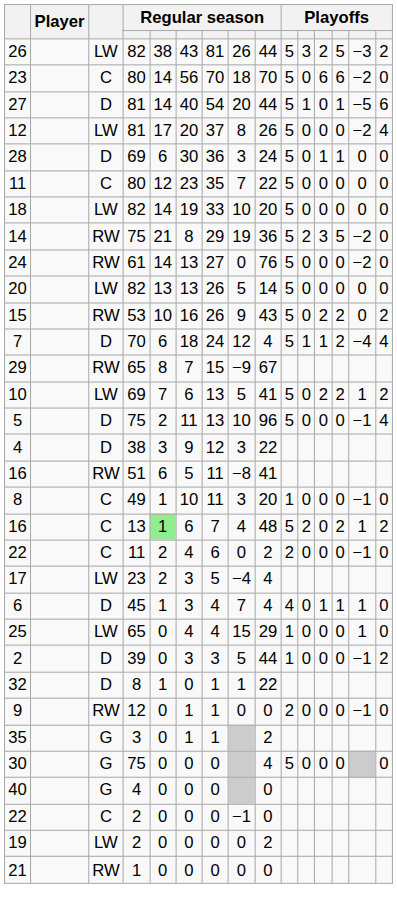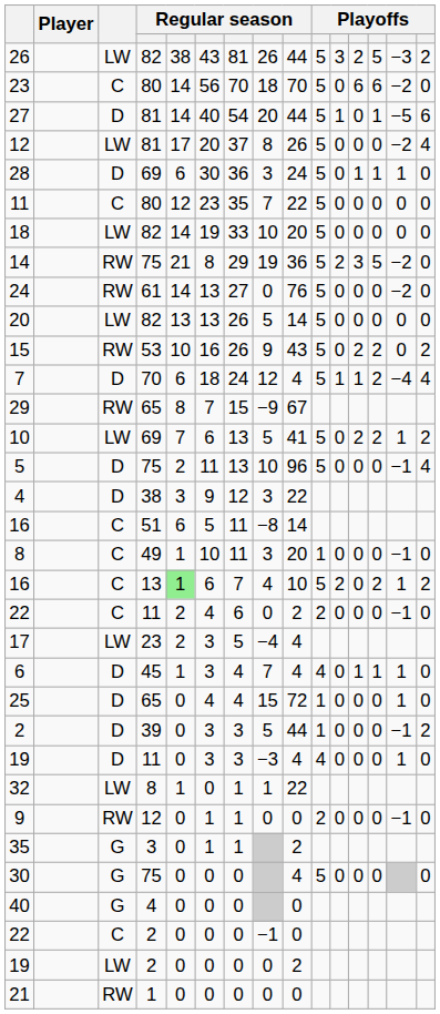 <table class="wikitable sortable plainrowheaders" style="text-align:center;">
 <tr>
 <th scope="col" data-sort-type="number" rowspan="2"></th>
 <th scope="col" rowspan="2">Player</th>
 <th scope="col" rowspan="2"></th>
 <th scope=colgroup colspan=6>Regular season</th>
 <th scope=colgroup colspan=6>Playoffs</th>
 </tr>
 <tr>
 <th scope="col" data-sort-type="number"></th>
 <th scope="col" data-sort-type="number"></th>
 <th scope="col" data-sort-type="number"></th>
 <th scope="col" data-sort-type="number"></th>
 <th scope="col" data-sort-type="number"></th>
 <th scope="col" data-sort-type="number"></th>
 <th scope="col" data-sort-type="number"></th>
 <th scope="col" data-sort-type="number"></th>
 <th scope="col" data-sort-type="number"></th>
 <th scope="col" data-sort-type="number"></th>
 <th scope="col" data-sort-type="number"></th>
 <th scope="col" data-sort-type="number"></th>
 </tr>
 <tr>
 <td scope="row">26</td>
 <td align="left"></td>
 <td>LW</td>
 <td>82</td>
 <td>38</td>
 <td>43</td>
 <td>81</td>
 <td>26</td>
 <td>44</td>
 <td>5</td>
 <td>3</td>
 <td>2</td>
 <td>5</td>
 <td>−3</td>
 <td>2</td>
 </tr>
 <tr>
 <td scope="row">23</td>
 <td align="left"></td>
 <td>C</td>
 <td>80</td>
 <td>14</td>
 <td>56</td>
 <td>70</td>
 <td>18</td>
 <td>70</td>
 <td>5</td>
 <td>0</td>
 <td>6</td>
 <td>6</td>
 <td>−2</td>
 <td>0</td>
 </tr>
 <tr>
 <td scope="row">27</td>
 <td align="left"></td>
 <td>D</td>
 <td>81</td>
 <td>14</td>
 <td>40</td>
 <td>54</td>
 <td>20</td>
 <td>44</td>
 <td>5</td>
 <td>1</td>
 <td>0</td>
 <td>1</td>
 <td>−5</td>
 <td>6</td>
 </tr>
 <tr>
 <td scope="row">12</td>
 <td align="left"></td>
 <td>LW</td>
 <td>81</td>
 <td>17</td>
 <td>20</td>
 <td>37</td>
 <td>8</td>
 <td>26</td>
 <td>5</td>
 <td>0</td>
 <td>0</td>
 <td>0</td>
 <td>−2</td>
 <td>4</td>
 </tr>
 <tr>
 <td scope="row">28</td>
 <td align="left"></td>
 <td>D</td>
 <td>69</td>
 <td>6</td>
 <td>30</td>
 <td>36</td>
 <td>3</td>
 <td>24</td>
 <td>5</td>
 <td>0</td>
 <td>1</td>
 <td>1</td>
-<td>0</td>
+<td>1</td>
 <td>0</td>
 </tr>
 <tr>
 <td scope="row">11</td>
 <td align="left"></td>
 <td>C</td>
 <td>80</td>
 <td>12</td>
 <td>23</td>
 <td>35</td>
 <td>7</td>
 <td>22</td>
 <td>5</td>
 <td>0</td>
 <td>0</td>
 <td>0</td>
 <td>0</td>
 <td>0</td>
 </tr>
 <tr>
 <td scope="row">18</td>
 <td align="left"></td>
 <td>LW</td>
 <td>82</td>
 <td>14</td>
 <td>19</td>
 <td>33</td>
 <td>10</td>
 <td>20</td>
 <td>5</td>
 <td>0</td>
 <td>0</td>
 <td>0</td>
 <td>0</td>
 <td>0</td>
 </tr>
 <tr>
 <td scope="row">14</td>
 <td align="left"></td>
 <td>RW</td>
 <td>75</td>
 <td>21</td>
 <td>8</td>
 <td>29</td>
 <td>19</td>
 <td>36</td>
 <td>5</td>
 <td>2</td>
 <td>3</td>
 <td>5</td>
 <td>−2</td>
 <td>0</td>
 </tr>
 <tr>
 <td scope="row">24</td>
 <td align="left"></td>
 <td>RW</td>
 <td>61</td>
 <td>14</td>
 <td>13</td>
 <td>27</td>
 <td>0</td>
 <td>76</td>
 <td>5</td>
 <td>0</td>
 <td>0</td>
 <td>0</td>
 <td>−2</td>
 <td>0</td>
 </tr>
 <tr>
 <td scope="row">20</td>
 <td align="left"></td>
 <td>LW</td>
 <td>82</td>
 <td>13</td>
 <td>13</td>
 <td>26</td>
 <td>5</td>
 <td>14</td>
 <td>5</td>
 <td>0</td>
 <td>0</td>
 <td>0</td>
 <td>0</td>
 <td>0</td>
 </tr>
 <tr>
 <td scope="row">15</td>
 <td align="left"></td>
 <td>RW</td>
 <td>53</td>
 <td>10</td>
 <td>16</td>
 <td>26</td>
 <td>9</td>
 <td>43</td>
 <td>5</td>
 <td>0</td>
 <td>2</td>
 <td>2</td>
 <td>0</td>
 <td>2</td>
 </tr>
 <tr>
 <td scope="row">7</td>
 <td align="left"></td>
 <td>D</td>
 <td>70</td>
 <td>6</td>
 <td>18</td>
 <td>24</td>
 <td>12</td>
 <td>4</td>
 <td>5</td>
 <td>1</td>
 <td>1</td>
 <td>2</td>
 <td>−4</td>
 <td>4</td>
 </tr>
 <tr>
 <td scope="row">29</td>
 <td align="left"></td>
 <td>RW</td>
 <td>65</td>
 <td>8</td>
 <td>7</td>
 <td>15</td>
 <td>−9</td>
 <td>67</td>
 <td></td>
 <td></td>
 <td></td>
 <td></td>
 <td></td>
 <td></td>
 </tr>
 <tr>
 <td scope="row">10</td>
 <td align="left"></td>
 <td>LW</td>
 <td>69</td>
 <td>7</td>
 <td>6</td>
 <td>13</td>
 <td>5</td>
 <td>41</td>
 <td>5</td>
 <td>0</td>
 <td>2</td>
 <td>2</td>
 <td>1</td>
 <td>2</td>
 </tr>
 <tr>
 <td scope="row">5</td>
 <td align="left"></td>
 <td>D</td>
 <td>75</td>
 <td>2</td>
 <td>11</td>
 <td>13</td>
 <td>10</td>
 <td>96</td>
 <td>5</td>
 <td>0</td>
 <td>0</td>
 <td>0</td>
 <td>−1</td>
 <td>4</td>
 </tr>
 <tr>
 <td scope="row">4</td>
 <td align="left"></td>
 <td>D</td>
 <td>38</td>
 <td>3</td>
 <td>9</td>
 <td>12</td>
 <td>3</td>
 <td>22</td>
 <td></td>
 <td></td>
 <td></td>
 <td></td>
 <td></td>
 <td></td>
 </tr>
 <tr>
 <td scope="row">16</td>
 <td align="left"></td>
-<td>RW</td>
+<td>C</td>
 <td>51</td>
 <td>6</td>
 <td>5</td>
 <td>11</td>
 <td>−8</td>
-<td>41</td>
+<td>14</td>
 <td></td>
 <td></td>
 <td></td>
 <td></td>
 <td></td>
 <td></td>
 </tr>
 <tr>
 <td scope="row">8</td>
 <td align="left"></td>
 <td>C</td>
 <td>49</td>
 <td>1</td>
 <td>10</td>
 <td>11</td>
 <td>3</td>
 <td>20</td>
 <td>1</td>
 <td>0</td>
 <td>0</td>
 <td>0</td>
 <td>−1</td>
 <td>0</td>
 </tr>
 <tr>
 <td scope="row">16</td>
 <td align="left"></td>
 <td>C</td>
 <td>13</td>
 <td style="background: lightgreen;">1</td>
 <td>6</td>
 <td>7</td>
 <td>4</td>
-<td>48</td>
+<td>10</td>
 <td>5</td>
 <td>2</td>
 <td>0</td>
 <td>2</td>
 <td>1</td>
 <td>2</td>
 </tr>
 <tr>
 <td scope="row">22</td>
 <td align="left"></td>
 <td>C</td>
 <td>11</td>
 <td>2</td>
 <td>4</td>
 <td>6</td>
 <td>0</td>
 <td>2</td>
 <td>2</td>
 <td>0</td>
 <td>0</td>
 <td>0</td>
 <td>−1</td>
 <td>0</td>
 </tr>
 <tr>
 <td scope="row">17</td>
 <td align="left"></td>
 <td>LW</td>
 <td>23</td>
 <td>2</td>
 <td>3</td>
 <td>5</td>
 <td>−4</td>
 <td>4</td>
 <td></td>
 <td></td>
 <td></td>
 <td></td>
 <td></td>
 <td></td>
 </tr>
 <tr>
 <td scope="row">6</td>
 <td align="left"></td>
 <td>D</td>
 <td>45</td>
 <td>1</td>
 <td>3</td>
 <td>4</td>
 <td>7</td>
 <td>4</td>
 <td>4</td>
 <td>0</td>
 <td>1</td>
 <td>1</td>
 <td>1</td>
 <td>0</td>
 </tr>
 <tr>
 <td scope="row">25</td>
 <td align="left"></td>
-<td>LW</td>
+<td>D</td>
 <td>65</td>
 <td>0</td>
 <td>4</td>
 <td>4</td>
 <td>15</td>
-<td>29</td>
+<td>72</td>
 <td>1</td>
 <td>0</td>
 <td>0</td>
 <td>0</td>
 <td>1</td>
 <td>0</td>
 </tr>
 <tr>
 <td scope="row">2</td>
 <td align="left"></td>
 <td>D</td>
 <td>39</td>
 <td>0</td>
 <td>3</td>
 <td>3</td>
 <td>5</td>
 <td>44</td>
 <td>1</td>
 <td>0</td>
 <td>0</td>
 <td>0</td>
 <td>−1</td>
 <td>2</td>
 </tr>
 <tr>
+<td scope="row">19</td>
+<td align="left"></td>
+<td>D</td>
+<td>11</td>
+<td>0</td>
+<td>3</td>
+<td>3</td>
+<td>−3</td>
+<td>4</td>
+<td>4</td>
+<td>0</td>
+<td>0</td>
+<td>0</td>
+<td>1</td>
+<td>0</td>
+</tr>
+<tr>
 <td scope="row">32</td>
 <td align="left"></td>
-<td>D</td>
+<td>LW</td>
 <td>8</td>
 <td>1</td>
 <td>0</td>
 <td>1</td>
 <td>1</td>
 <td>22</td>
 <td></td>
 <td></td>
 <td></td>
 <td></td>
 <td></td>
 <td></td>
 </tr>
 <tr>
 <td scope="row">9</td>
 <td align="left"></td>
 <td>RW</td>
 <td>12</td>
 <td>0</td>
 <td>1</td>
 <td>1</td>
 <td>0</td>
 <td>0</td>
 <td>2</td>
 <td>0</td>
 <td>0</td>
 <td>0</td>
 <td>−1</td>
 <td>0</td>
 </tr>
 <tr>
 <td scope="row">35</td>
 <td align="left"></td>
 <td>G</td>
 <td>3</td>
 <td>0</td>
 <td>1</td>
 <td>1</td>
 <td style="background:#ccc"></td>
 <td>2</td>
 <td></td>
 <td></td>
 <td></td>
 <td></td>
 <td></td>
 <td></td>
 </tr>
 <tr>
 <td scope="row">30</td>
 <td align="left"></td>
 <td>G</td>
 <td>75</td>
 <td>0</td>
 <td>0</td>
 <td>0</td>
 <td style="background:#ccc"></td>
 <td>4</td>
 <td>5</td>
 <td>0</td>
 <td>0</td>
 <td>0</td>
 <td style="background:#ccc"></td>
 <td>0</td>
 </tr>
 <tr>
 <td scope="row">40</td>
 <td align="left"></td>
 <td>G</td>
 <td>4</td>
 <td>0</td>
 <td>0</td>
 <td>0</td>
 <td style="background:#ccc"></td>
 <td>0</td>
 <td></td>
 <td></td>
 <td></td>
 <td></td>
 <td></td>
 <td></td>
 </tr>
 <tr>
 <td scope="row">22</td>
 <td align="left"></td>
 <td>C</td>
 <td>2</td>
 <td>0</td>
 <td>0</td>
 <td>0</td>
 <td>−1</td>
 <td>0</td>
 <td></td>
 <td></td>
 <td></td>
 <td></td>
 <td></td>
 <td></td>
 </tr>
 <tr>
 <td scope="row">19</td>
 <td align="left"></td>
 <td>LW</td>
 <td>2</td>
 <td>0</td>
 <td>0</td>
 <td>0</td>
 <td>0</td>
 <td>2</td>
 <td></td>
 <td></td>
 <td></td>
 <td></td>
 <td></td>
 <td></td>
 </tr>
 <tr>
 <td scope="row">21</td>
 <td align="left"></td>
 <td>RW</td>
 <td>1</td>
 <td>0</td>
 <td>0</td>
 <td>0</td>
 <td>0</td>
 <td>0</td>
 <td></td>
 <td></td>
 <td></td>
 <td></td>
 <td></td>
 <td></td>
 </tr>
 </table>
